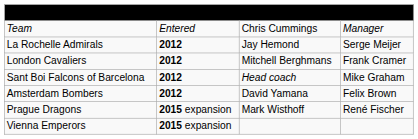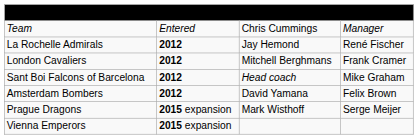 <table class="wikitable" style="width:40em">
 <tr>
 <th style="background-color:black" colspan="6"><span>Collegiate Baseball League Europe</span></th>
 </tr>
 <tr>
 <td><em>Team</em></td>
 <td><em>Entered</em></td>
 <td>Chris Cummings</td>
 <td><em>Manager</em></td>
 </tr>
 <tr>
 <td>La Rochelle Admirals</td>
 <td><strong>2012</strong></td>
 <td>Jay Hemond</td>
-<td>Serge Meijer</td>
+<td>René Fischer</td>
 </tr>
 <tr>
 <td>London Cavaliers</td>
 <td><strong>2012</strong></td>
 <td>Mitchell Berghmans</td>
 <td>Frank Cramer</td>
 </tr>
 <tr>
 <td>Sant Boi Falcons of Barcelona</td>
 <td><strong>2012</strong></td>
 <td><em>Head coach</em></td>
 <td>Mike Graham</td>
 </tr>
 <tr>
 <td>Amsterdam Bombers</td>
 <td><strong>2012</strong></td>
 <td>David Yamana</td>
 <td>Felix Brown</td>
 </tr>
 <tr>
 <td>Prague Dragons</td>
 <td><strong>2015</strong> expansion</td>
 <td>Mark Wisthoff</td>
-<td>René Fischer</td>
+<td>Serge Meijer</td>
 </tr>
 <tr>
 <td>Vienna Emperors</td>
 <td><strong>2015</strong> expansion</td>
 <td></td>
 <td></td>
 </tr>
 </table>
